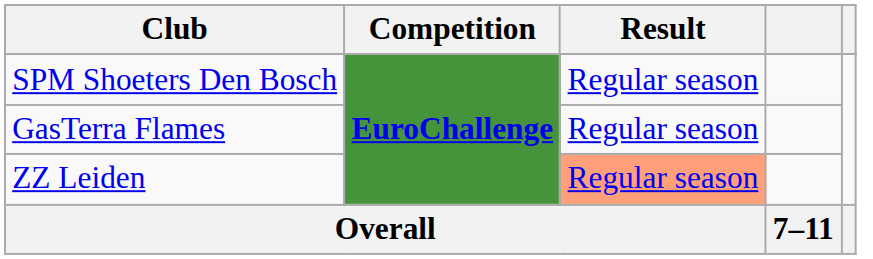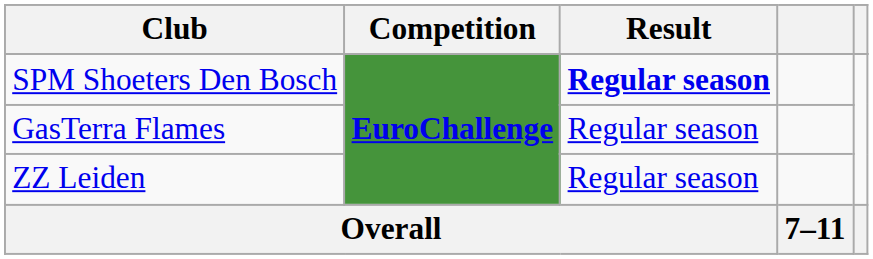 <table class="wikitable sortable">
 <tr>
 <th>Club</th>
 <th>Competition</th>
 <th>Result</th>
 <th></th>
 <th></th>
 </tr>
 <tr>
 </tr>
 <tr>
 <td><a href='#'>SPM Shoeters Den Bosch</a></td>
 <td rowspan=3 style="background-color:#45943B;color:white;text-align:center"><strong><a href='#'><span>EuroChallenge</span></a></strong></td>
-<td><a href='#'>Regular season</a></td>
+<td><strong><a href='#'>Regular season</a></strong></td>
 <td></td>
 <td rowspan=3 style="text-align:center"></td>
 </tr>
 <tr>
 <td><a href='#'>GasTerra Flames</a></td>
 <td><a href='#'>Regular season</a></td>
 <td></td>
 </tr>
 <tr>
 <td><a href='#'>ZZ Leiden</a></td>
-<td style="background: lightsalmon;"><a href='#'>Regular season</a></td>
+<td><a href='#'>Regular season</a></td>
 <td></td>
 </tr>
 <tr>
 <th colspan=3>Overall</th>
 <th>7–11</th>
 <th></th>
 </tr>
 </table>
